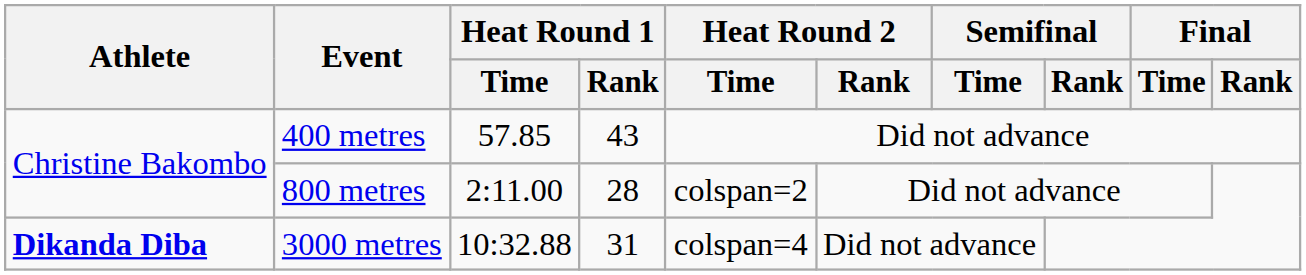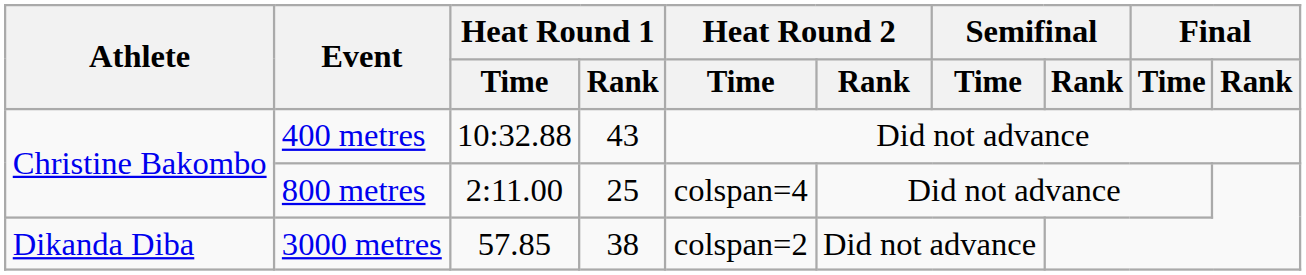 <table class=wikitable style="font-size:90%; text-align:center">
 <tr>
 <th rowspan=2>Athlete</th>
 <th rowspan=2>Event</th>
 <th colspan=2>Heat Round 1</th>
 <th colspan=2>Heat Round 2</th>
 <th colspan=2>Semifinal</th>
 <th colspan=2>Final</th>
 </tr>
 <tr style=font-size:95%>
 <th>Time</th>
 <th>Rank</th>
 <th>Time</th>
 <th>Rank</th>
 <th>Time</th>
 <th>Rank</th>
 <th>Time</th>
 <th>Rank</th>
 </tr>
 <tr align=center>
 <td align=left rowspan=2><a href='#'>Christine Bakombo</a></td>
 <td align=left><a href='#'>400 metres</a></td>
-<td>57.85</td>
+<td>10:32.88</td>
 <td>43</td>
 <td colspan=6>Did not advance</td>
 </tr>
 <tr align=center>
 <td align=left><a href='#'>800 metres</a></td>
 <td>2:11.00</td>
-<td>28</td>
-<td>colspan=2</td>
+<td>25</td>
+<td>colspan=4</td>
 <td colspan=4>Did not advance</td>
 </tr>
 <tr align=center>
-<td align=left><strong><a href='#'>Dikanda Diba</a></strong></td>
+<td align=left><a href='#'>Dikanda Diba</a></td>
 <td align=left><a href='#'>3000 metres</a></td>
-<td>10:32.88</td>
-<td>31</td>
-<td>colspan=4</td>
+<td>57.85</td>
+<td>38</td>
+<td>colspan=2</td>
 <td colspan=2>Did not advance</td>
 </tr>
 </table>
